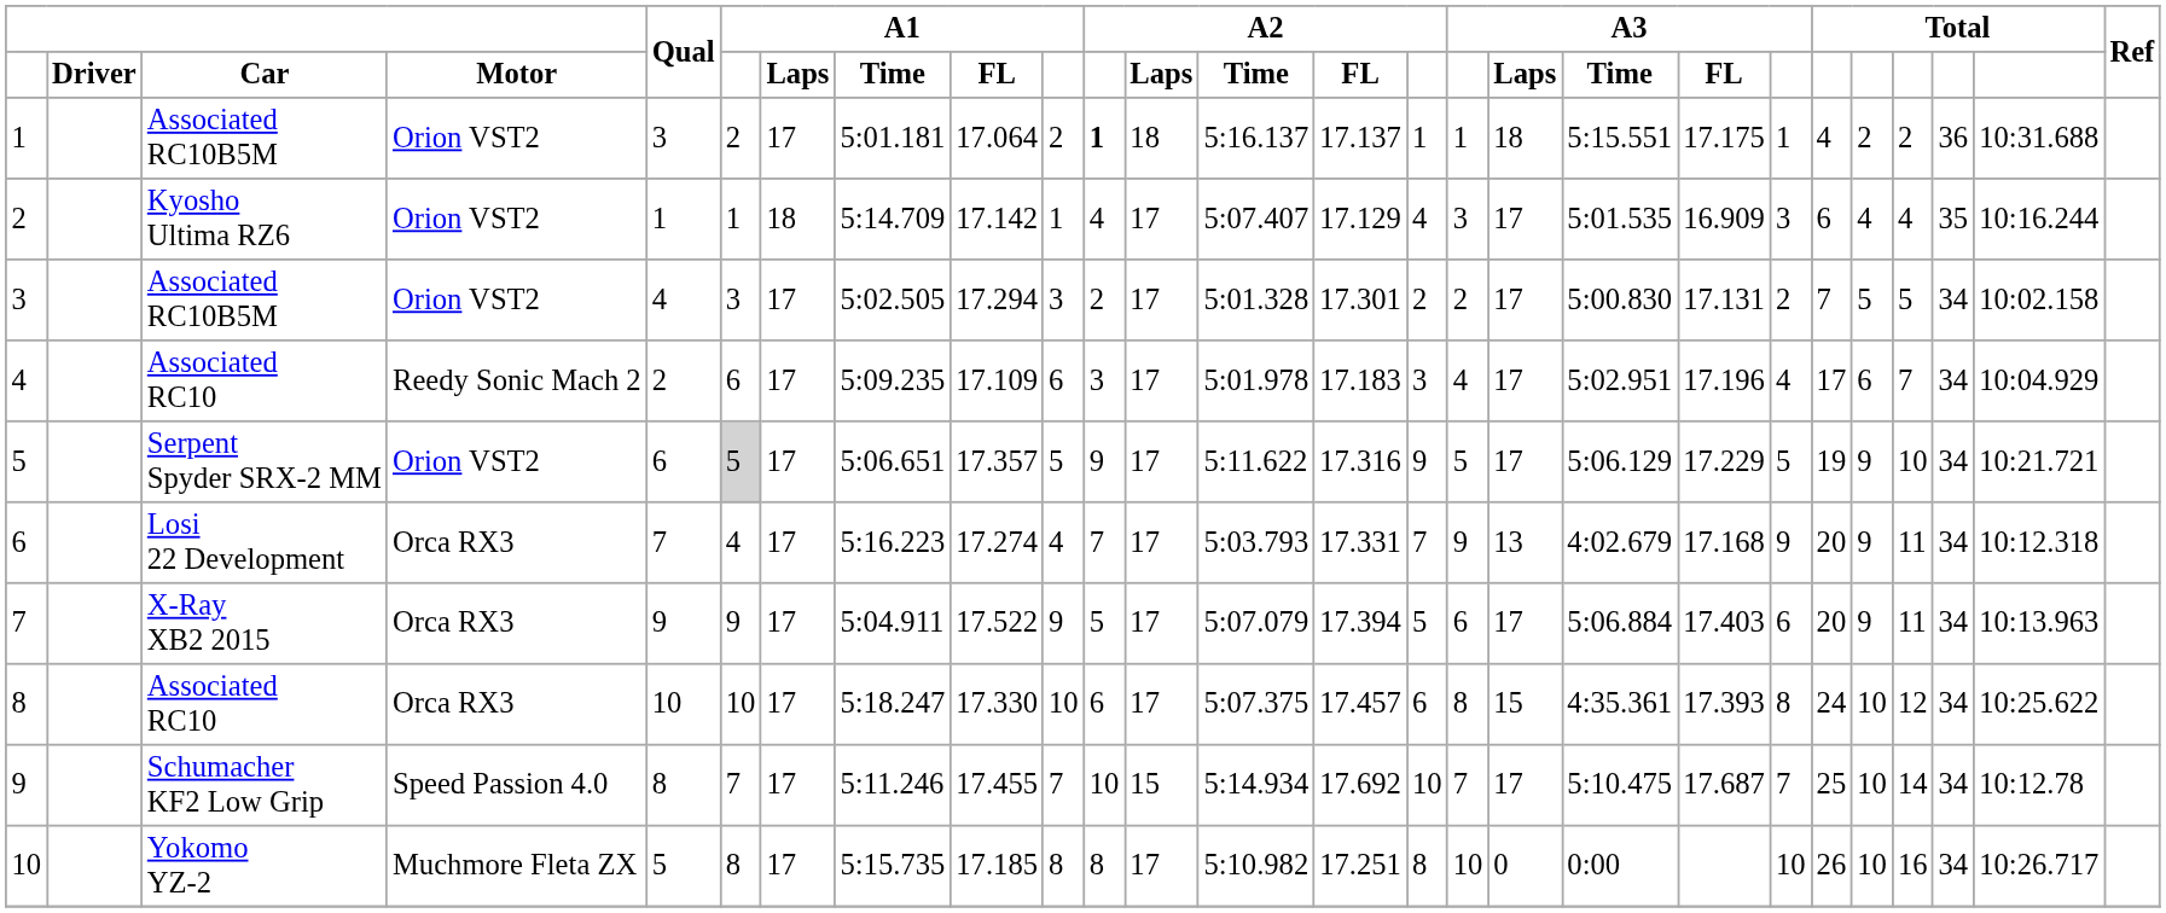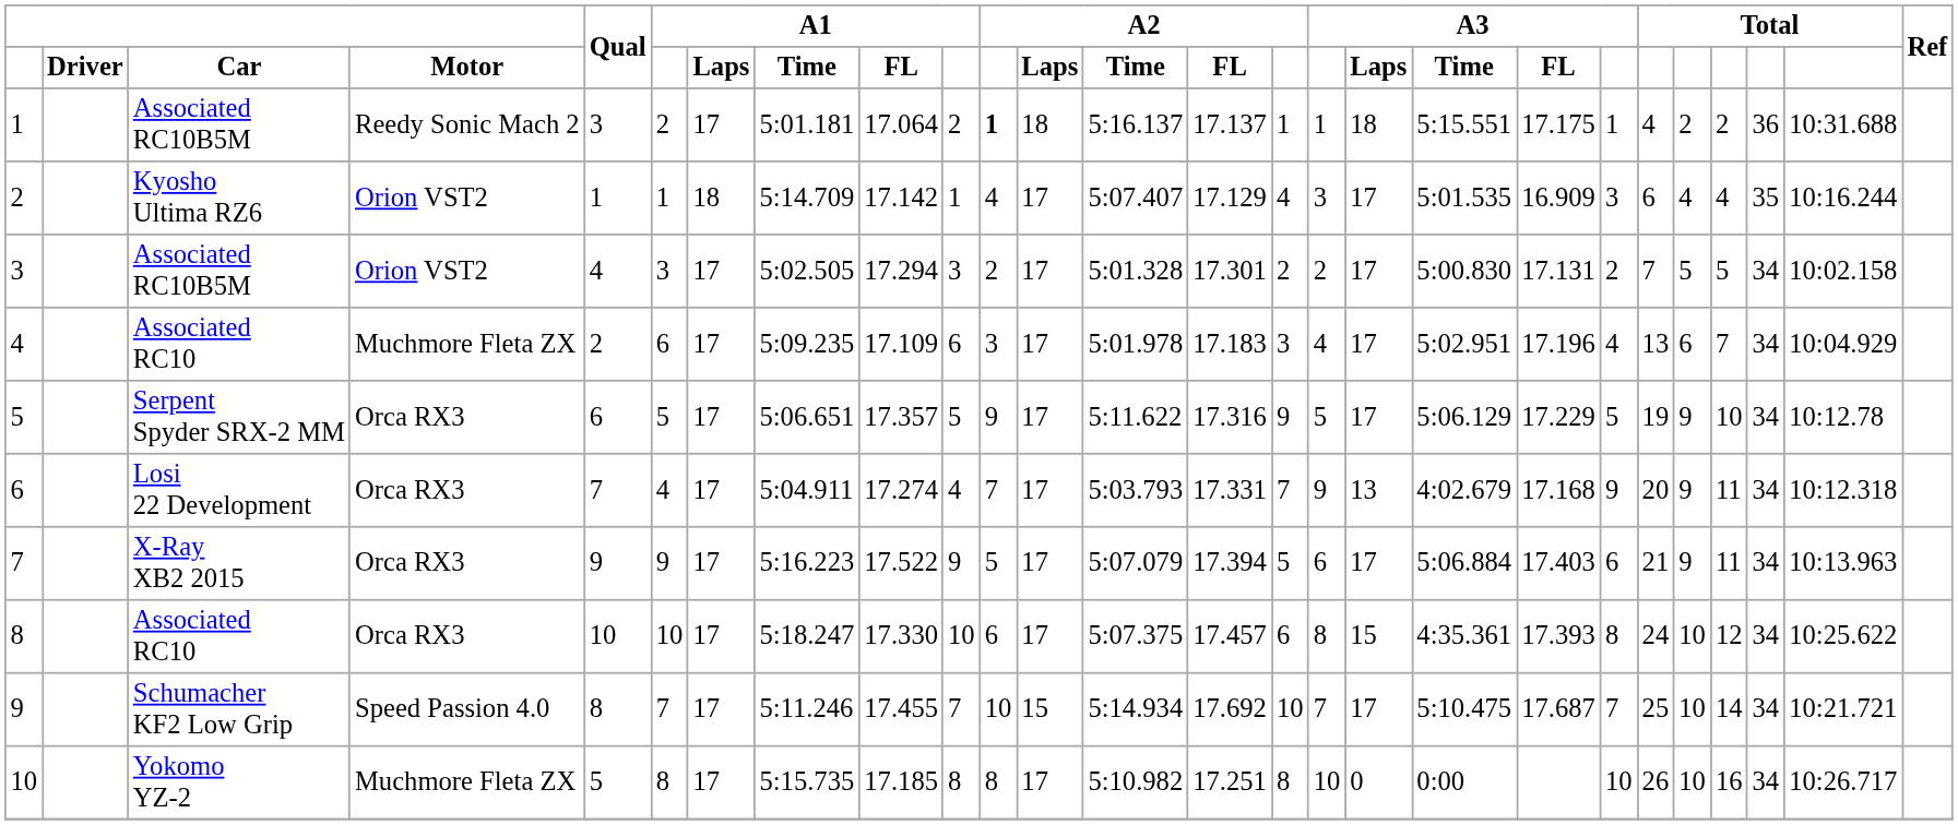 <table border="2" cellpadding="2" cellspacing="0" style="margin:0 1em 0 0; border:1px #aaa solid; border-collapse:collapse; font-size:85%;">
 <tr>
 <th colspan="4"></th>
 <th rowspan="2">Qual</th>
 <th colspan="5" style="text-align:center;">A1</th>
 <th colspan="5" style="text-align:center;">A2</th>
 <th colspan="5" style="text-align:center;">A3</th>
 <th colspan="5" style="text-align:center;">Total</th>
 <th rowspan="2">Ref</th>
 </tr>
 <tr>
 <th style="text-align:center;"></th>
 <th style="text-align:center;">Driver</th>
 <th style="text-align:center;">Car</th>
 <th style="text-align:center;">Motor</th>
 <th style="text-align:center;"></th>
 <th style="text-align:center;">Laps</th>
 <th style="text-align:center;">Time</th>
 <th style="text-align:center;">FL</th>
 <th style="text-align:center;"></th>
 <th style="text-align:center;"></th>
 <th style="text-align:center;">Laps</th>
 <th style="text-align:center;">Time</th>
 <th style="text-align:center;">FL</th>
 <th style="text-align:center;"></th>
 <th style="text-align:center;"></th>
 <th style="text-align:center;">Laps</th>
 <th style="text-align:center;">Time</th>
 <th style="text-align:center;">FL</th>
 <th style="text-align:center;"></th>
 <th style="text-align:center;"></th>
 <th style="text-align:center;"></th>
 <th style="text-align:center;"></th>
 <th style="text-align:center;"></th>
 <th style="text-align:center;"></th>
 </tr>
 <tr>
 <td>1</td>
 <td></td>
 <td><a href='#'>Associated</a><br> RC10B5M</td>
-<td><a href='#'>Orion</a> VST2</td>
+<td>Reedy Sonic Mach 2</td>
 <td>3</td>
 <td>2</td>
 <td>17</td>
 <td>5:01.181</td>
 <td>17.064</td>
 <td>2</td>
 <td><strong>1</strong></td>
 <td>18</td>
 <td>5:16.137</td>
 <td>17.137</td>
 <td>1</td>
 <td>1</td>
 <td>18</td>
 <td>5:15.551</td>
 <td>17.175</td>
 <td>1</td>
 <td>4</td>
 <td>2</td>
 <td>2</td>
 <td>36</td>
 <td>10:31.688</td>
 <td></td>
 </tr>
 <tr>
 <td>2</td>
 <td></td>
 <td><a href='#'>Kyosho</a><br> Ultima RZ6</td>
 <td><a href='#'>Orion</a> VST2</td>
 <td>1</td>
 <td>1</td>
 <td>18</td>
 <td>5:14.709</td>
 <td>17.142</td>
 <td>1</td>
 <td>4</td>
 <td>17</td>
 <td>5:07.407</td>
 <td>17.129</td>
 <td>4</td>
 <td>3</td>
 <td>17</td>
 <td>5:01.535</td>
 <td>16.909</td>
 <td>3</td>
 <td>6</td>
 <td>4</td>
 <td>4</td>
 <td>35</td>
 <td>10:16.244</td>
 <td></td>
 </tr>
 <tr>
 <td>3</td>
 <td></td>
 <td><a href='#'>Associated</a><br> RC10B5M</td>
 <td><a href='#'>Orion</a> VST2</td>
 <td>4</td>
 <td>3</td>
 <td>17</td>
 <td>5:02.505</td>
 <td>17.294</td>
 <td>3</td>
 <td>2</td>
 <td>17</td>
 <td>5:01.328</td>
 <td>17.301</td>
 <td>2</td>
 <td>2</td>
 <td>17</td>
 <td>5:00.830</td>
 <td>17.131</td>
 <td>2</td>
 <td>7</td>
 <td>5</td>
 <td>5</td>
 <td>34</td>
 <td>10:02.158</td>
 <td></td>
 </tr>
 <tr>
 <td>4</td>
 <td></td>
 <td><a href='#'>Associated</a><br> RC10</td>
-<td>Reedy Sonic Mach 2</td>
+<td>Muchmore Fleta ZX</td>
 <td>2</td>
 <td>6</td>
 <td>17</td>
 <td>5:09.235</td>
 <td>17.109</td>
 <td>6</td>
 <td>3</td>
 <td>17</td>
 <td>5:01.978</td>
 <td>17.183</td>
 <td>3</td>
 <td>4</td>
 <td>17</td>
 <td>5:02.951</td>
 <td>17.196</td>
 <td>4</td>
-<td>17</td>
+<td>13</td>
 <td>6</td>
 <td>7</td>
 <td>34</td>
 <td>10:04.929</td>
 <td></td>
 </tr>
 <tr>
 <td>5</td>
 <td></td>
 <td><a href='#'>Serpent</a><br> Spyder SRX-2 MM</td>
-<td><a href='#'>Orion</a> VST2</td>
+<td>Orca RX3</td>
 <td>6</td>
-<td style="background: lightgrey;">5</td>
+<td>5</td>
 <td>17</td>
 <td>5:06.651</td>
 <td>17.357</td>
 <td>5</td>
 <td>9</td>
 <td>17</td>
 <td>5:11.622</td>
 <td>17.316</td>
 <td>9</td>
 <td>5</td>
 <td>17</td>
 <td>5:06.129</td>
 <td>17.229</td>
 <td>5</td>
 <td>19</td>
 <td>9</td>
 <td>10</td>
 <td>34</td>
-<td>10:21.721</td>
+<td>10:12.78</td>
 <td></td>
 </tr>
 <tr>
 <td>6</td>
 <td></td>
 <td><a href='#'>Losi</a><br> 22 Development</td>
 <td>Orca RX3</td>
 <td>7</td>
 <td>4</td>
 <td>17</td>
-<td>5:16.223</td>
+<td>5:04.911</td>
 <td>17.274</td>
 <td>4</td>
 <td>7</td>
 <td>17</td>
 <td>5:03.793</td>
 <td>17.331</td>
 <td>7</td>
 <td>9</td>
 <td>13</td>
 <td>4:02.679</td>
 <td>17.168</td>
 <td>9</td>
 <td>20</td>
 <td>9</td>
 <td>11</td>
 <td>34</td>
 <td>10:12.318</td>
 <td></td>
 </tr>
 <tr>
 <td>7</td>
 <td></td>
 <td><a href='#'>X-Ray</a><br> XB2 2015</td>
 <td>Orca RX3</td>
 <td>9</td>
 <td>9</td>
 <td>17</td>
-<td>5:04.911</td>
+<td>5:16.223</td>
 <td>17.522</td>
 <td>9</td>
 <td>5</td>
 <td>17</td>
 <td>5:07.079</td>
 <td>17.394</td>
 <td>5</td>
 <td>6</td>
 <td>17</td>
 <td>5:06.884</td>
 <td>17.403</td>
 <td>6</td>
-<td>20</td>
+<td>21</td>
 <td>9</td>
 <td>11</td>
 <td>34</td>
 <td>10:13.963</td>
 <td></td>
 </tr>
 <tr>
 <td>8</td>
 <td></td>
 <td><a href='#'>Associated</a><br> RC10</td>
 <td>Orca RX3</td>
 <td>10</td>
 <td>10</td>
 <td>17</td>
 <td>5:18.247</td>
 <td>17.330</td>
 <td>10</td>
 <td>6</td>
 <td>17</td>
 <td>5:07.375</td>
 <td>17.457</td>
 <td>6</td>
 <td>8</td>
 <td>15</td>
 <td>4:35.361</td>
 <td>17.393</td>
 <td>8</td>
 <td>24</td>
 <td>10</td>
 <td>12</td>
 <td>34</td>
 <td>10:25.622</td>
 <td></td>
 </tr>
 <tr>
 <td>9</td>
 <td></td>
 <td><a href='#'>Schumacher</a><br> KF2 Low Grip</td>
 <td>Speed Passion 4.0</td>
 <td>8</td>
 <td>7</td>
 <td>17</td>
 <td>5:11.246</td>
 <td>17.455</td>
 <td>7</td>
 <td>10</td>
 <td>15</td>
 <td>5:14.934</td>
 <td>17.692</td>
 <td>10</td>
 <td>7</td>
 <td>17</td>
 <td>5:10.475</td>
 <td>17.687</td>
 <td>7</td>
 <td>25</td>
 <td>10</td>
 <td>14</td>
 <td>34</td>
-<td>10:12.78</td>
+<td>10:21.721</td>
 <td></td>
 </tr>
 <tr>
 <td>10</td>
 <td></td>
 <td><a href='#'>Yokomo</a><br> YZ-2</td>
 <td>Muchmore Fleta ZX</td>
 <td>5</td>
 <td>8</td>
 <td>17</td>
 <td>5:15.735</td>
 <td>17.185</td>
 <td>8</td>
 <td>8</td>
 <td>17</td>
 <td>5:10.982</td>
 <td>17.251</td>
 <td>8</td>
 <td>10</td>
 <td>0</td>
 <td>0:00</td>
 <td></td>
 <td>10</td>
 <td>26</td>
 <td>10</td>
 <td>16</td>
 <td>34</td>
 <td>10:26.717</td>
 <td></td>
 </tr>
 <tr>
 </tr>
 </table>
